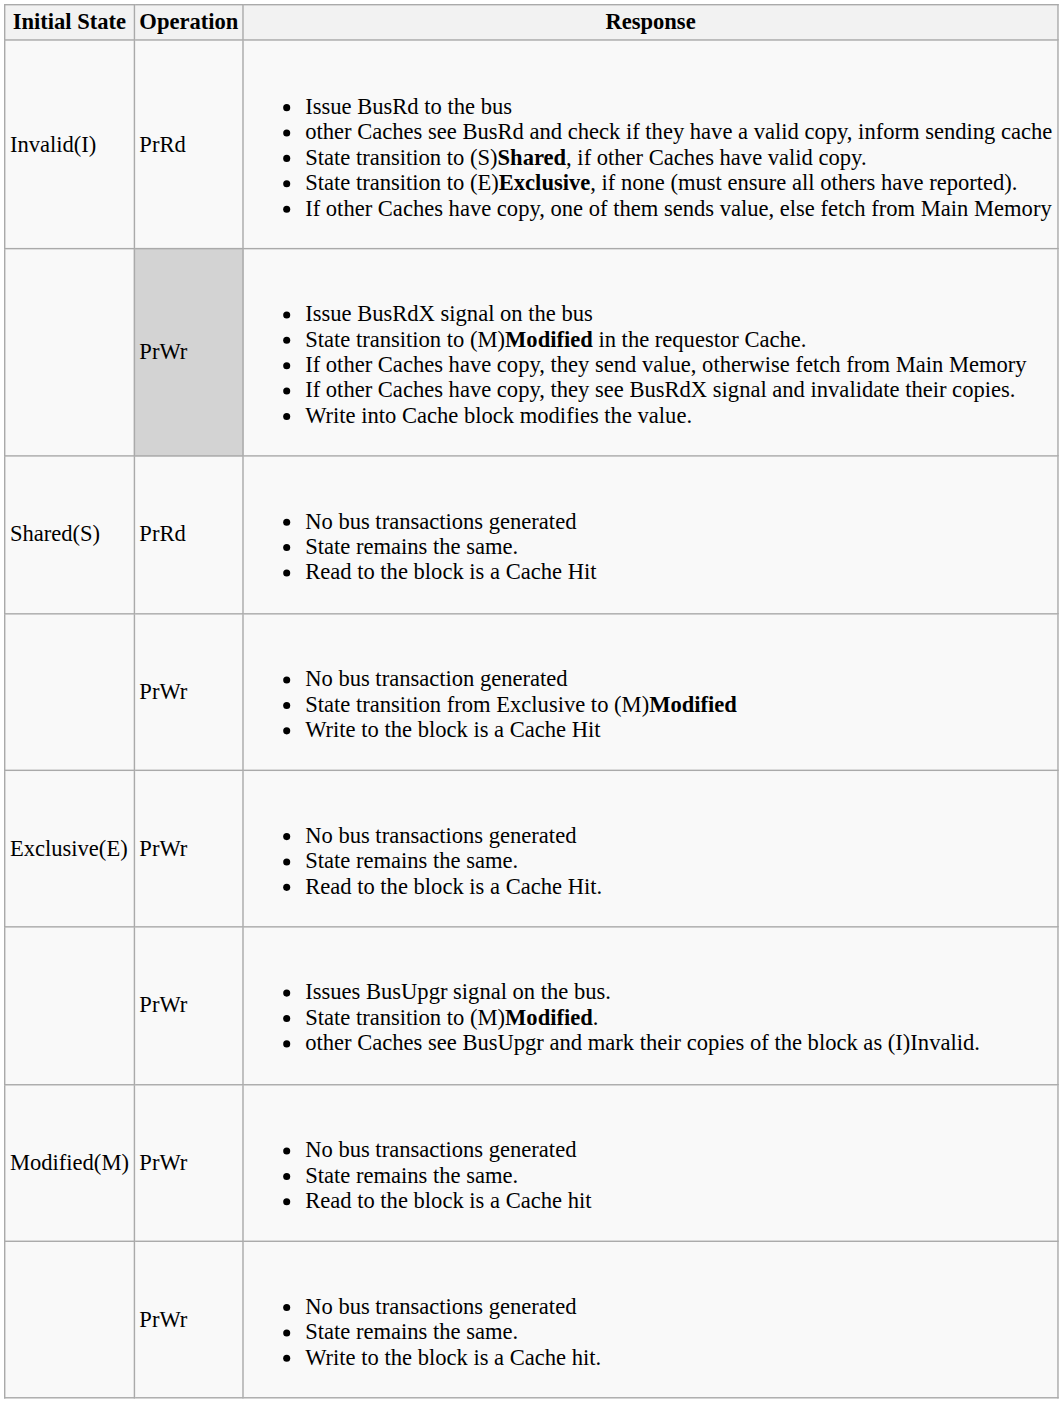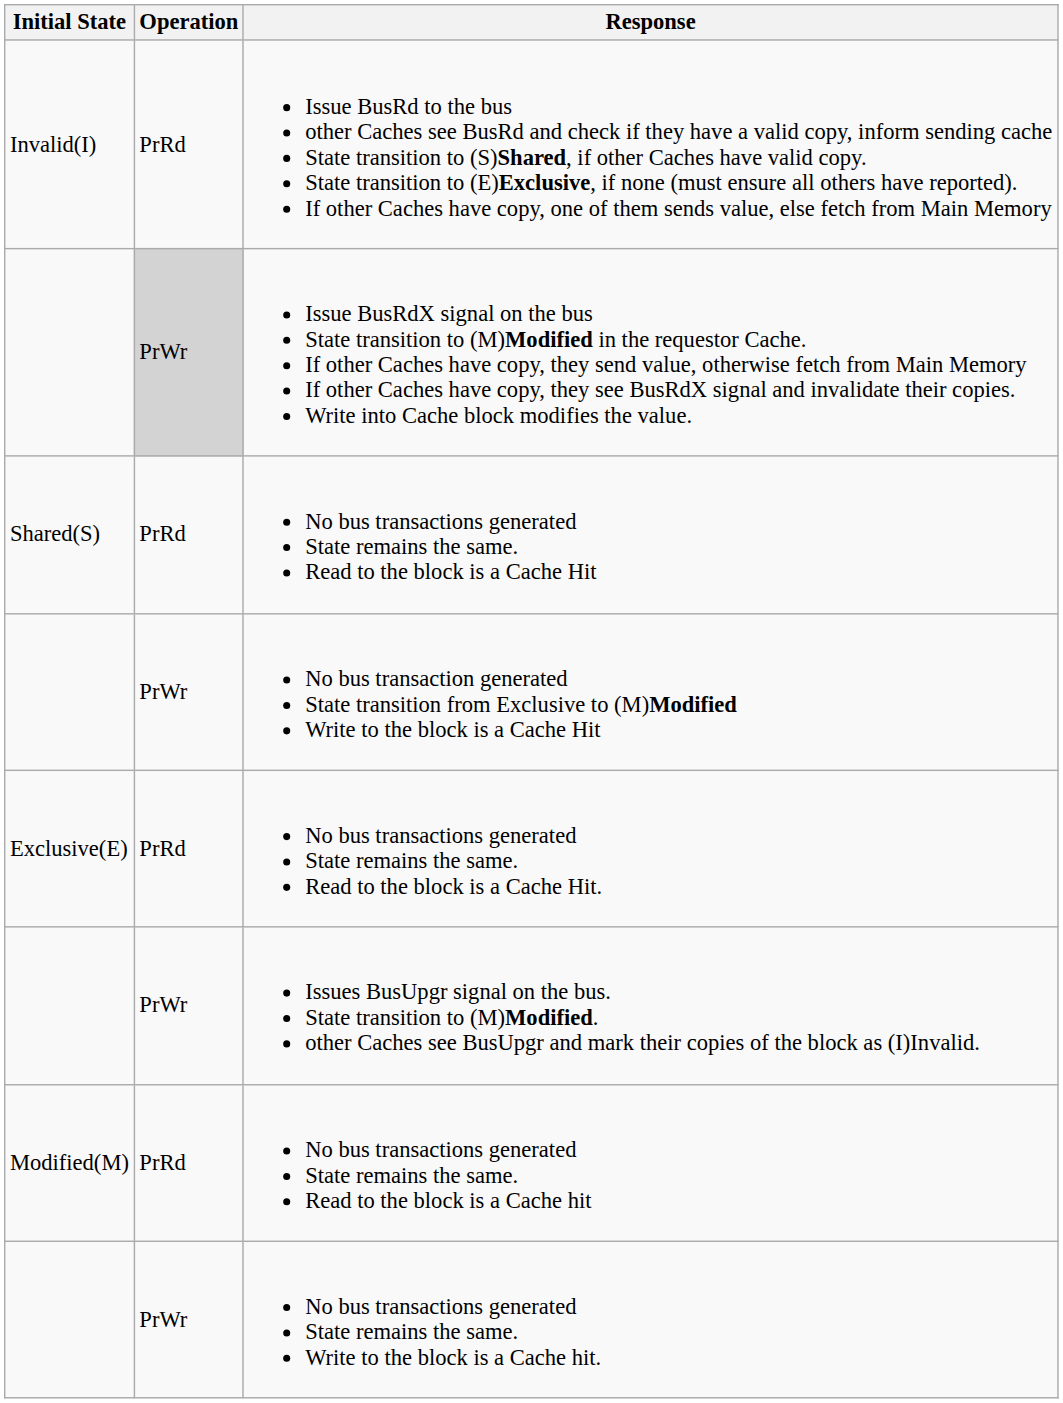 <table class="wikitable">
 <tr>
 <th>Initial State</th>
 <th>Operation</th>
 <th>Response</th>
 </tr>
 <tr>
 <td>Invalid(I)</td>
 <td>PrRd</td>
 <td><br><ul><li>Issue BusRd to the bus</li><li>other Caches see BusRd and check if they have a valid copy, inform sending cache</li><li>State transition to (S)<strong>Shared</strong>, if other Caches have valid copy.</li><li>State transition to (E)<strong>Exclusive</strong>, if none (must ensure all others have reported).</li><li>If other Caches have copy, one of them sends value, else fetch from Main Memory</li></ul></td>
 </tr>
 <tr>
 <td></td>
 <td style="background: lightgrey;">PrWr</td>
 <td><br><ul><li>Issue BusRdX signal on the bus</li><li>State transition to (M)<strong>Modified</strong> in the requestor Cache.</li><li>If other Caches have copy, they send value, otherwise fetch from Main Memory</li><li>If other Caches have copy, they see BusRdX signal and invalidate their copies.</li><li>Write into Cache block modifies the value.</li></ul></td>
 </tr>
 <tr>
 <td>Shared(S)</td>
 <td>PrRd</td>
 <td><br><ul><li>No bus transactions generated</li><li>State remains the same.</li><li>Read to the block is a Cache Hit</li></ul></td>
 </tr>
 <tr>
 <td></td>
 <td>PrWr</td>
 <td><br><ul><li>No bus transaction generated</li><li>State transition from Exclusive to (M)<strong>Modified</strong></li><li>Write to the block is a Cache Hit</li></ul></td>
 </tr>
 <tr>
 <td>Exclusive(E)</td>
-<td>PrWr</td>
+<td>PrRd</td>
 <td><br><ul><li>No bus transactions generated</li><li>State remains the same.</li><li>Read to the block is a Cache Hit.</li></ul></td>
 </tr>
 <tr>
 <td></td>
 <td>PrWr</td>
 <td><br><ul><li>Issues BusUpgr signal on the bus.</li><li>State transition to (M)<strong>Modified</strong>.</li><li>other Caches see BusUpgr and mark their copies of the block as (I)Invalid.</li></ul></td>
 </tr>
 <tr>
 <td>Modified(M)</td>
-<td>PrWr</td>
+<td>PrRd</td>
 <td><br><ul><li>No bus transactions generated</li><li>State remains the same.</li><li>Read to the block is a Cache hit</li></ul></td>
 </tr>
 <tr>
 <td></td>
 <td>PrWr</td>
 <td><br><ul><li>No bus transactions generated</li><li>State remains the same.</li><li>Write to the block is a Cache hit.</li></ul></td>
 </tr>
 </table>
